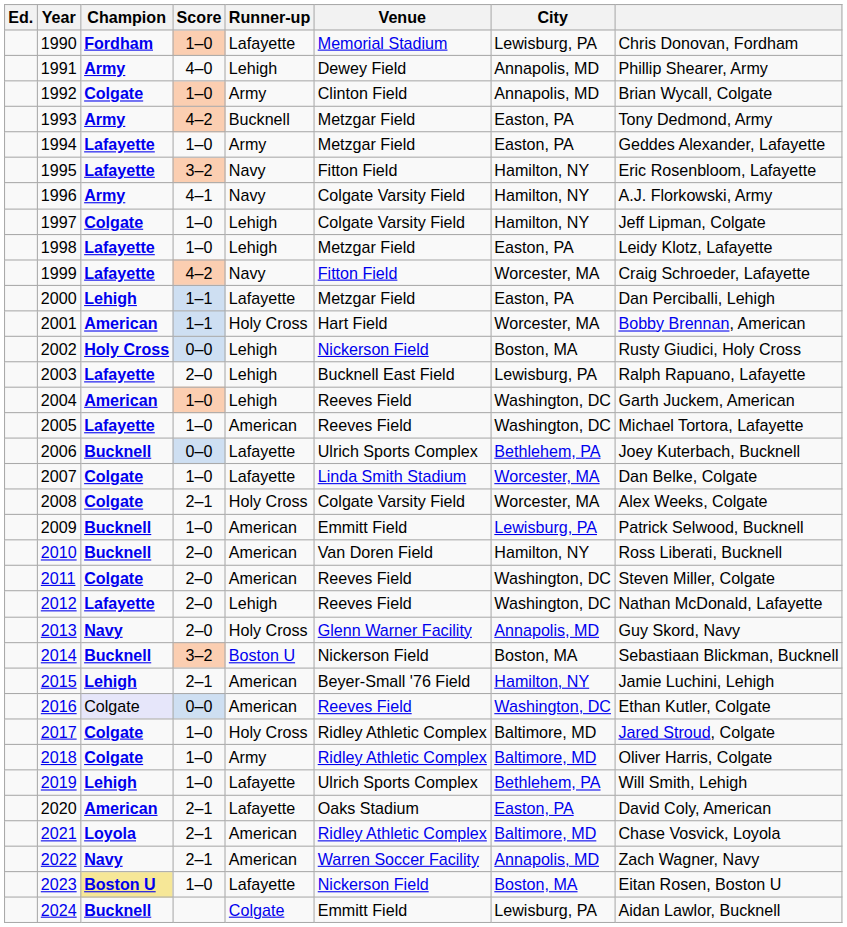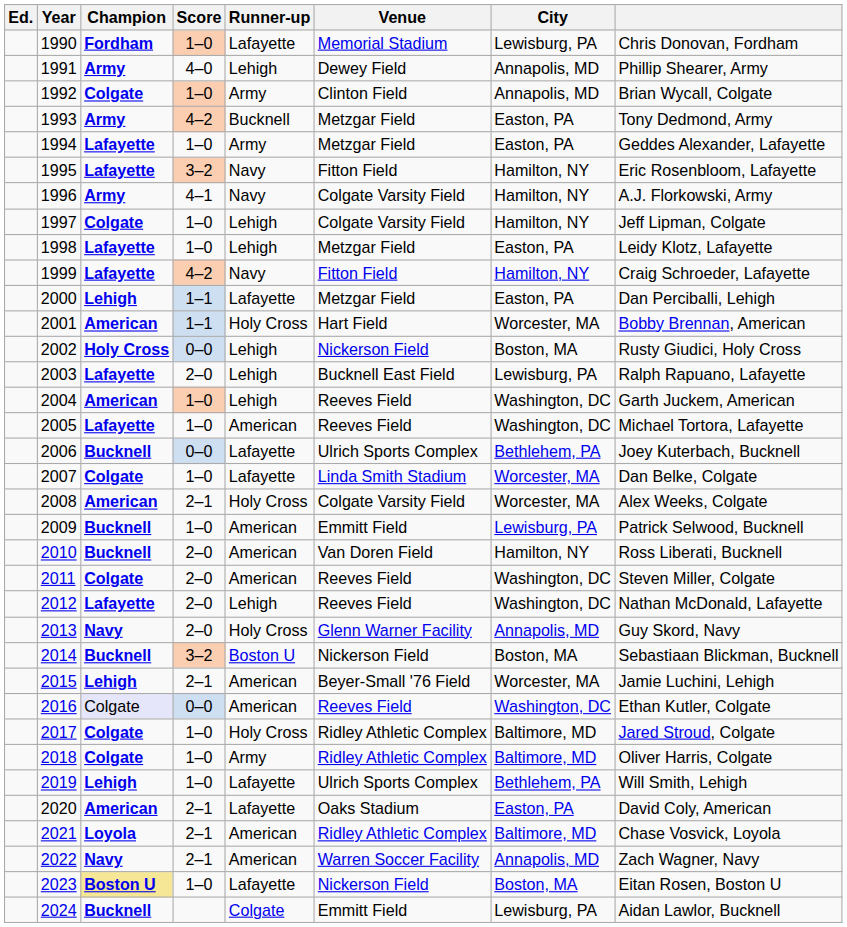 <table class="wikitable sortable"; style= "font-size: 95%">
 <tr>
 <th width=px>Ed.</th>
 <th width=px>Year</th>
 <th width=px>Champion</th>
 <th width=px>Score</th>
 <th width=px>Runner-up</th>
 <th width=px>Venue</th>
 <th width=px>City</th>
 <th width=px></th>
 </tr>
 <tr>
 <td></td>
 <td>1990</td>
 <td><strong><a href='#'>Fordham</a></strong> </td>
 <td align=center style="background-color:#FBCEB1">1–0 </td>
 <td>Lafayette</td>
 <td><a href='#'>Memorial Stadium</a></td>
 <td>Lewisburg, PA</td>
 <td> Chris Donovan, Fordham</td>
 </tr>
 <tr>
 <td></td>
 <td>1991</td>
 <td><strong><a href='#'>Army</a></strong> </td>
 <td align=center>4–0</td>
 <td>Lehigh</td>
 <td>Dewey Field</td>
 <td>Annapolis, MD</td>
 <td> Phillip Shearer, Army</td>
 </tr>
 <tr>
 <td></td>
 <td>1992</td>
 <td><strong><a href='#'>Colgate</a></strong> </td>
 <td align=center style="background-color:#FBCEB1">1–0 </td>
 <td>Army</td>
 <td>Clinton Field</td>
 <td>Annapolis, MD</td>
 <td> Brian Wycall, Colgate</td>
 </tr>
 <tr>
 <td></td>
 <td>1993</td>
 <td><strong><a href='#'>Army</a></strong> </td>
 <td align=center style="background-color:#FBCEB1">4–2 </td>
 <td>Bucknell</td>
 <td>Metzgar Field</td>
 <td>Easton, PA</td>
 <td> Tony Dedmond, Army</td>
 </tr>
 <tr>
 <td></td>
 <td>1994</td>
 <td><strong><a href='#'>Lafayette</a></strong> </td>
 <td align=center>1–0</td>
 <td>Army</td>
 <td>Metzgar Field</td>
 <td>Easton, PA</td>
 <td> Geddes Alexander, Lafayette</td>
 </tr>
 <tr>
 <td></td>
 <td>1995</td>
 <td><strong><a href='#'>Lafayette</a></strong> </td>
 <td align=center style="background-color:#FBCEB1">3–2 </td>
 <td>Navy</td>
 <td>Fitton Field</td>
 <td>Hamilton, NY</td>
 <td> Eric Rosenbloom, Lafayette</td>
 </tr>
 <tr>
 <td></td>
 <td>1996</td>
 <td><strong><a href='#'>Army</a></strong> </td>
 <td align=center>4–1</td>
 <td>Navy</td>
 <td>Colgate Varsity Field</td>
 <td>Hamilton, NY</td>
 <td> A.J. Florkowski, Army</td>
 </tr>
 <tr>
 <td></td>
 <td>1997</td>
 <td><strong><a href='#'>Colgate</a></strong> </td>
 <td align=center>1–0</td>
 <td>Lehigh</td>
 <td>Colgate Varsity Field</td>
 <td>Hamilton, NY</td>
 <td> Jeff Lipman, Colgate</td>
 </tr>
 <tr>
 <td></td>
 <td>1998</td>
 <td><strong><a href='#'>Lafayette</a></strong> </td>
 <td align=center>1–0</td>
 <td>Lehigh</td>
 <td>Metzgar Field</td>
 <td>Easton, PA</td>
 <td> Leidy Klotz, Lafayette</td>
 </tr>
 <tr>
 <td></td>
 <td>1999</td>
 <td><strong><a href='#'>Lafayette</a></strong> </td>
 <td align=center style="background-color:#FBCEB1">4–2 </td>
 <td>Navy</td>
 <td><a href='#'>Fitton Field</a></td>
-<td>Worcester, MA</td>
+<td><a href='#'>Hamilton, NY</a></td>
 <td> Craig Schroeder, Lafayette</td>
 </tr>
 <tr>
 <td></td>
 <td>2000</td>
 <td><strong><a href='#'>Lehigh</a></strong> </td>
 <td align=center style="background-color:#cedff2">1–1 </td>
 <td>Lafayette</td>
 <td>Metzgar Field</td>
 <td>Easton, PA</td>
 <td> Dan Perciballi, Lehigh</td>
 </tr>
 <tr>
 <td></td>
 <td>2001</td>
 <td><strong><a href='#'>American</a></strong> </td>
 <td align=center style="background-color:#cedff2">1–1 </td>
 <td>Holy Cross</td>
 <td>Hart Field</td>
 <td>Worcester, MA</td>
 <td> <a href='#'>Bobby Brennan</a>, American</td>
 </tr>
 <tr>
 <td></td>
 <td>2002</td>
 <td><strong><a href='#'>Holy Cross</a></strong> </td>
 <td align=center style="background-color:#cedff2">0–0 </td>
 <td>Lehigh</td>
 <td><a href='#'>Nickerson Field</a></td>
 <td>Boston, MA</td>
 <td> Rusty Giudici, Holy Cross</td>
 </tr>
 <tr>
 <td></td>
 <td>2003</td>
 <td><strong><a href='#'>Lafayette</a></strong> </td>
 <td align=center>2–0</td>
 <td>Lehigh</td>
 <td>Bucknell East Field</td>
 <td>Lewisburg, PA</td>
 <td> Ralph Rapuano, Lafayette</td>
 </tr>
 <tr>
 <td></td>
 <td>2004</td>
 <td><strong><a href='#'>American</a></strong> </td>
 <td align=center style="background-color:#FBCEB1">1–0 </td>
 <td>Lehigh</td>
 <td>Reeves Field</td>
 <td>Washington, DC</td>
 <td> Garth Juckem, American</td>
 </tr>
 <tr>
 <td></td>
 <td>2005</td>
 <td><strong><a href='#'>Lafayette</a></strong> </td>
 <td align=center>1–0</td>
 <td>American</td>
 <td>Reeves Field</td>
 <td>Washington, DC</td>
 <td> Michael Tortora, Lafayette</td>
 </tr>
 <tr>
 <td></td>
 <td>2006</td>
 <td><strong><a href='#'>Bucknell</a></strong> </td>
 <td align=center style="background-color:#cedff2">0–0 </td>
 <td>Lafayette</td>
 <td>Ulrich Sports Complex</td>
 <td><a href='#'>Bethlehem, PA</a></td>
 <td> Joey Kuterbach, Bucknell</td>
 </tr>
 <tr>
 <td></td>
 <td>2007</td>
 <td><strong><a href='#'>Colgate</a></strong> </td>
 <td align=center>1–0</td>
 <td>Lafayette</td>
 <td><a href='#'>Linda Smith Stadium</a></td>
 <td><a href='#'>Worcester, MA</a></td>
 <td> Dan Belke, Colgate</td>
 </tr>
 <tr>
 <td></td>
 <td>2008</td>
-<td><strong><a href='#'>Colgate</a></strong> </td>
+<td><strong><a href='#'>American</a></strong> </td>
 <td align=center>2–1</td>
 <td>Holy Cross</td>
 <td>Colgate Varsity Field</td>
 <td>Worcester, MA</td>
 <td> Alex Weeks, Colgate</td>
 </tr>
 <tr>
 <td></td>
 <td>2009</td>
 <td><strong><a href='#'>Bucknell</a></strong> </td>
 <td align=center>1–0</td>
 <td>American</td>
 <td>Emmitt Field</td>
 <td><a href='#'>Lewisburg, PA</a></td>
 <td> Patrick Selwood, Bucknell</td>
 </tr>
 <tr>
 <td></td>
 <td><a href='#'>2010</a></td>
 <td><strong><a href='#'>Bucknell</a></strong> </td>
 <td align=center>2–0</td>
 <td>American</td>
 <td>Van Doren Field</td>
 <td>Hamilton, NY</td>
 <td> Ross Liberati, Bucknell</td>
 </tr>
 <tr>
 <td></td>
 <td><a href='#'>2011</a></td>
 <td><strong><a href='#'>Colgate</a></strong> </td>
 <td align=center>2–0</td>
 <td>American</td>
 <td>Reeves Field</td>
 <td>Washington, DC</td>
 <td> Steven Miller, Colgate</td>
 </tr>
 <tr>
 <td></td>
 <td><a href='#'>2012</a></td>
 <td><strong><a href='#'>Lafayette</a></strong> </td>
 <td align=center>2–0</td>
 <td>Lehigh</td>
 <td>Reeves Field</td>
 <td>Washington, DC</td>
 <td> Nathan McDonald, Lafayette</td>
 </tr>
 <tr>
 <td></td>
 <td><a href='#'>2013</a></td>
 <td><strong><a href='#'>Navy</a></strong> </td>
 <td align=center>2–0</td>
 <td>Holy Cross</td>
 <td><a href='#'>Glenn Warner Facility</a></td>
 <td><a href='#'>Annapolis, MD</a></td>
 <td> Guy Skord, Navy</td>
 </tr>
 <tr>
 <td></td>
 <td><a href='#'>2014</a></td>
 <td><strong><a href='#'>Bucknell</a></strong> </td>
 <td align=center style="background-color:#FBCEB1">3–2 </td>
 <td><a href='#'>Boston U</a></td>
 <td>Nickerson Field</td>
 <td>Boston, MA</td>
 <td> Sebastiaan Blickman, Bucknell</td>
 </tr>
 <tr>
 <td></td>
 <td><a href='#'>2015</a></td>
 <td><strong><a href='#'>Lehigh</a></strong> </td>
 <td align=center>2–1</td>
 <td>American</td>
 <td>Beyer-Small '76 Field</td>
-<td><a href='#'>Hamilton, NY</a></td>
+<td>Worcester, MA</td>
 <td> Jamie Luchini, Lehigh</td>
 </tr>
 <tr>
 <td></td>
 <td><a href='#'>2016</a></td>
 <td style="background: lavender;">Colgate </td>
 <td align=center style= "background-color:#cedff2">0–0 </td>
 <td>American</td>
 <td><a href='#'>Reeves Field</a></td>
 <td><a href='#'>Washington, DC</a></td>
 <td> Ethan Kutler, Colgate</td>
 </tr>
 <tr>
 <td></td>
 <td><a href='#'>2017</a></td>
 <td><strong><a href='#'>Colgate</a></strong></td>
 <td align=center>1–0</td>
 <td>Holy Cross</td>
 <td>Ridley Athletic Complex</td>
 <td>Baltimore, MD</td>
 <td> <a href='#'>Jared Stroud</a>, Colgate</td>
 </tr>
 <tr>
 <td></td>
 <td><a href='#'>2018</a></td>
 <td><strong><a href='#'>Colgate</a></strong> </td>
 <td align=center>1–0</td>
 <td>Army</td>
 <td><a href='#'>Ridley Athletic Complex</a></td>
 <td><a href='#'>Baltimore, MD</a></td>
 <td> Oliver Harris, Colgate</td>
 </tr>
 <tr>
 <td></td>
 <td><a href='#'>2019</a></td>
 <td><strong><a href='#'>Lehigh</a></strong> </td>
 <td align=center>1–0</td>
 <td>Lafayette</td>
 <td>Ulrich Sports Complex</td>
 <td><a href='#'>Bethlehem, PA</a></td>
 <td> Will Smith, Lehigh</td>
 </tr>
 <tr>
 <td></td>
 <td>2020</td>
 <td><strong><a href='#'>American</a></strong> </td>
 <td align=center>2–1</td>
 <td>Lafayette</td>
 <td>Oaks Stadium</td>
 <td><a href='#'>Easton, PA</a></td>
 <td> David Coly, American</td>
 </tr>
 <tr>
 <td></td>
 <td><a href='#'>2021</a></td>
 <td><strong><a href='#'>Loyola</a></strong> </td>
 <td align=center>2–1</td>
 <td>American</td>
 <td><a href='#'>Ridley Athletic Complex</a></td>
 <td><a href='#'>Baltimore, MD</a></td>
 <td> Chase Vosvick, Loyola</td>
 </tr>
 <tr>
 <td></td>
 <td><a href='#'>2022</a></td>
 <td><strong><a href='#'>Navy</a></strong> </td>
 <td align=center>2–1</td>
 <td>American</td>
 <td><a href='#'>Warren Soccer Facility</a></td>
 <td><a href='#'>Annapolis, MD</a></td>
 <td> Zach Wagner, Navy</td>
 </tr>
 <tr>
 <td></td>
 <td><a href='#'>2023</a></td>
 <td bgcolor= #F6E797><strong><a href='#'>Boston U</a></strong> </td>
 <td align=center>1–0</td>
 <td>Lafayette</td>
 <td><a href='#'>Nickerson Field</a></td>
 <td><a href='#'>Boston, MA</a></td>
 <td> Eitan Rosen, Boston U</td>
 </tr>
 <tr>
 <td></td>
 <td><a href='#'>2024</a></td>
 <td><strong><a href='#'>Bucknell</a></strong> </td>
 <td></td>
 <td><a href='#'>Colgate</a></td>
 <td>Emmitt Field</td>
 <td>Lewisburg, PA</td>
 <td> Aidan Lawlor, Bucknell</td>
 </tr>
 </table>
